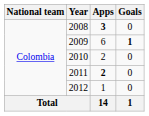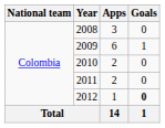 <table class=wikitable style=text-align:center>
 <tr>
 <th>National team</th>
 <th>Year</th>
 <th>Apps</th>
 <th>Goals</th>
 </tr>
 <tr>
 <td rowspan="5"><a href='#'>Colombia</a></td>
 <td>2008</td>
-<td><strong>3</strong></td>
+<td>3</td>
 <td>0</td>
 </tr>
 <tr>
 <td>2009</td>
 <td>6</td>
-<td><strong>1</strong></td>
+<td>1</td>
 </tr>
 <tr>
 <td>2010</td>
 <td>2</td>
 <td>0</td>
 </tr>
 <tr>
 <td>2011</td>
-<td><strong>2</strong></td>
+<td>2</td>
 <td>0</td>
 </tr>
 <tr>
 <td>2012</td>
 <td>1</td>
-<td>0</td>
+<td><strong>0</strong></td>
 </tr>
 <tr>
 <th colspan="2">Total</th>
 <th>14</th>
 <th>1</th>
 </tr>
 </table>
